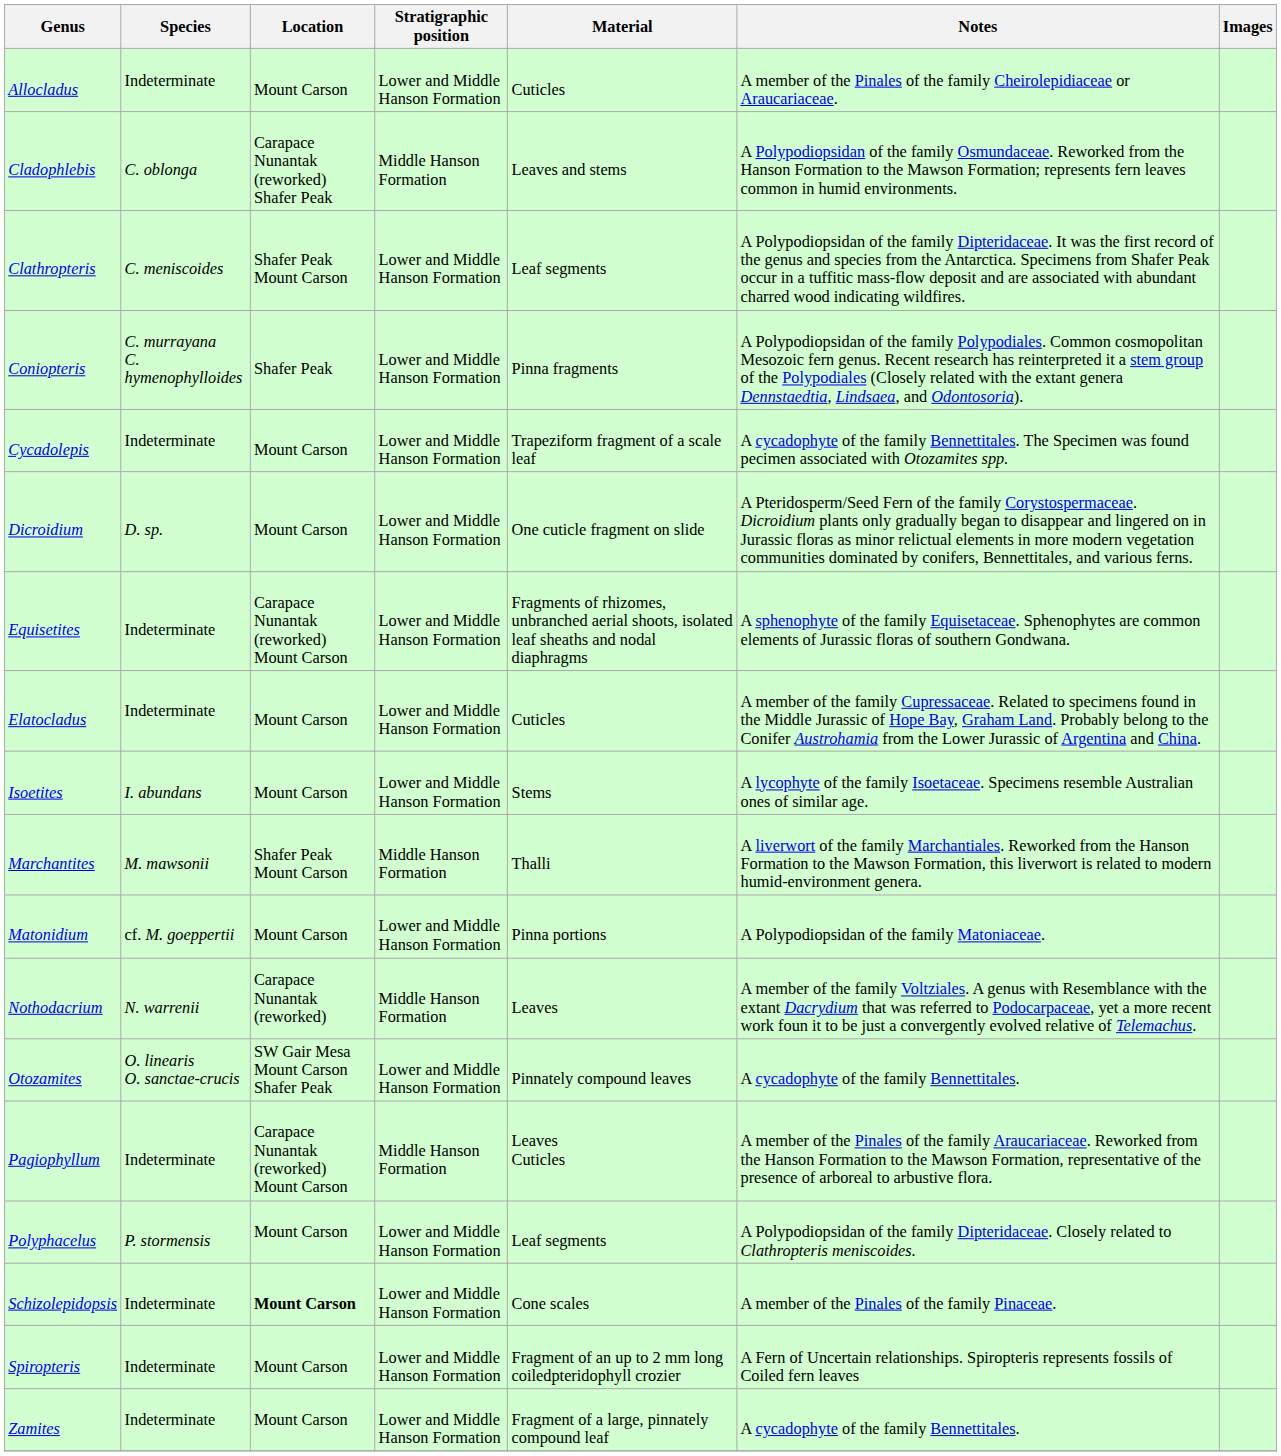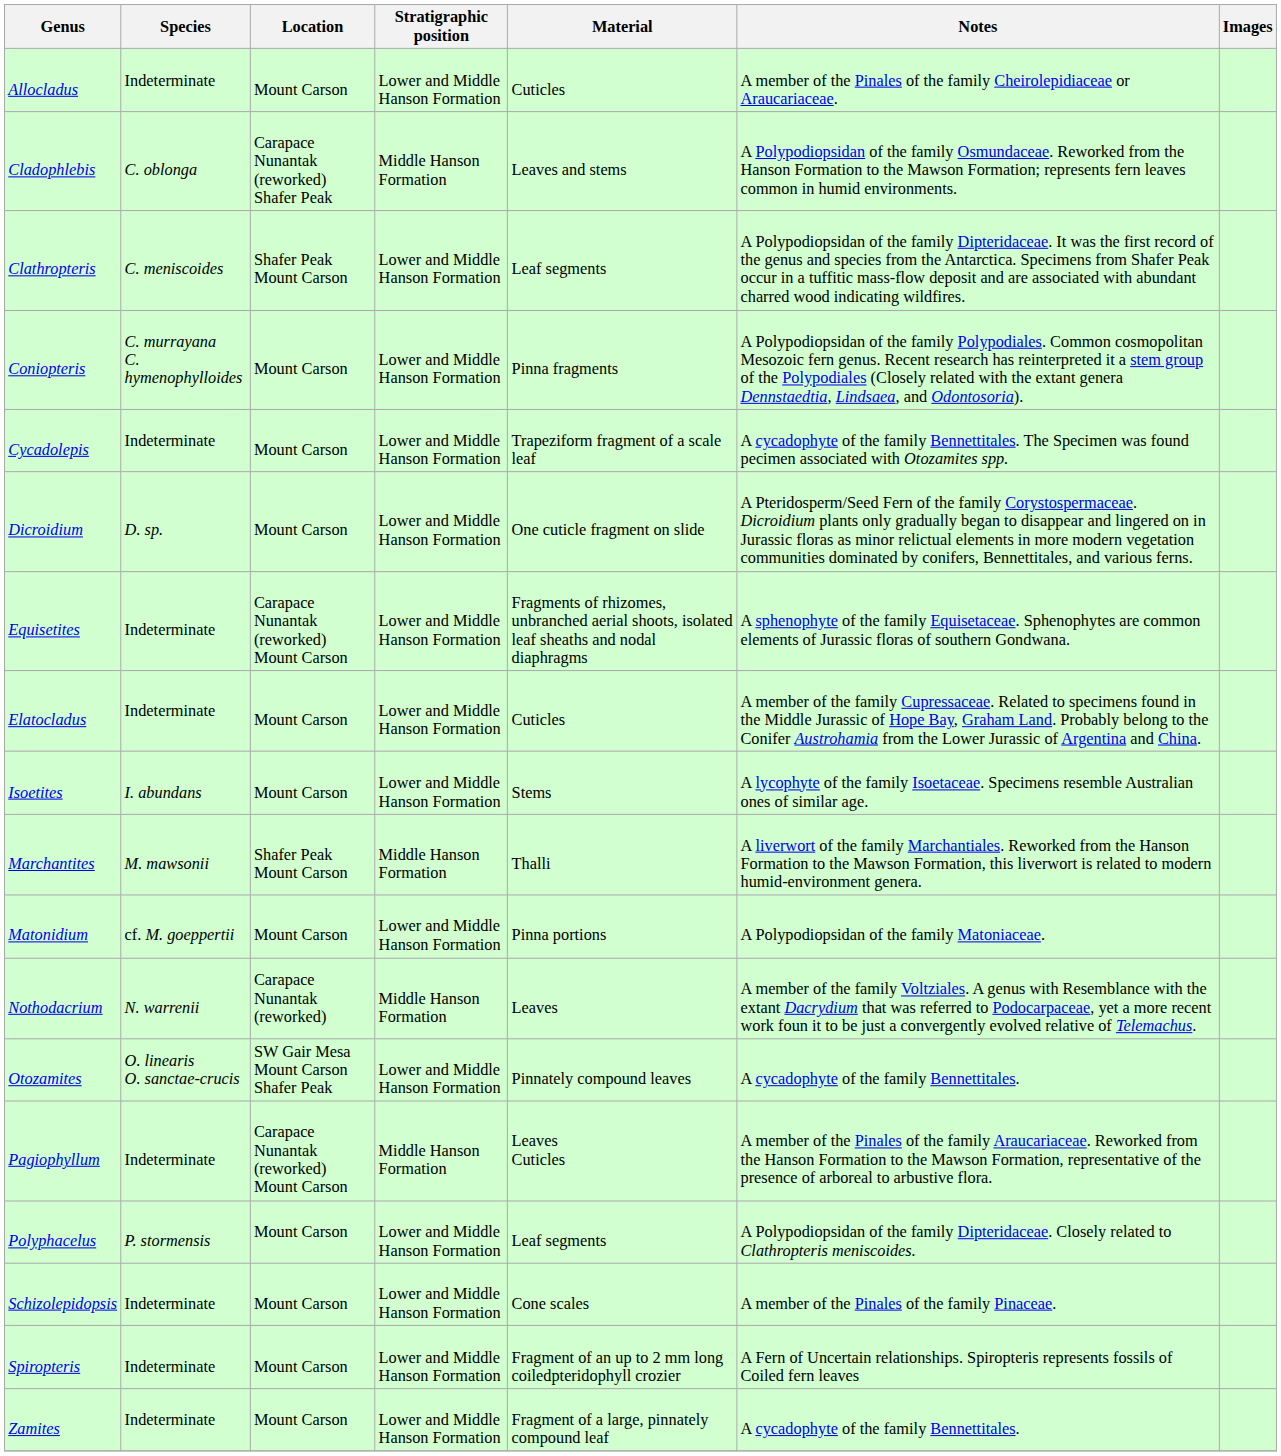 <table class="wikitable sortable">
 <tr>
 <th>Genus</th>
 <th>Species</th>
 <th>Location</th>
 <th>Stratigraphic position</th>
 <th>Material</th>
 <th>Notes</th>
 <th>Images</th>
 </tr>
 <tr>
 <td style="background:#D1FFCF;"><br><em><a href='#'>Allocladus</a></em></td>
 <td style="background:#D1FFCF;">Indeterminate</td>
 <td style="background:#D1FFCF;"><br>Mount Carson</td>
 <td style="background:#D1FFCF;"><br>Lower and Middle Hanson Formation</td>
 <td style="background:#D1FFCF;"><br>Cuticles</td>
 <td style="background:#D1FFCF;"><br>A member of the <a href='#'>Pinales</a> of the family <a href='#'>Cheirolepidiaceae</a> or <a href='#'>Araucariaceae</a>.</td>
 <td style="background:#D1FFCF;"></td>
 </tr>
 <tr>
 <td style="background:#D1FFCF;"><br><em><a href='#'>Cladophlebis</a></em></td>
 <td style="background:#D1FFCF;"><br><em>C. oblonga</em></td>
 <td style="background:#D1FFCF;"><br>Carapace Nunantak (reworked) Shafer Peak</td>
 <td style="background:#D1FFCF;"><br>Middle Hanson Formation</td>
 <td style="background:#D1FFCF;"><br>Leaves and stems</td>
 <td style="background:#D1FFCF;"><br>A <a href='#'>Polypodiopsidan</a> of the family <a href='#'>Osmundaceae</a>. Reworked from the Hanson Formation to the Mawson Formation; represents fern leaves common in humid environments.</td>
 <td style="background:#D1FFCF;"><br></td>
 </tr>
 <tr>
 <td style="background:#D1FFCF;"><br><em><a href='#'>Clathropteris</a></em></td>
 <td style="background:#D1FFCF;"><br><em>C. meniscoides</em></td>
 <td style="background:#D1FFCF;"><br>Shafer Peak Mount Carson</td>
 <td style="background:#D1FFCF;"><br>Lower and Middle Hanson Formation</td>
 <td style="background:#D1FFCF;"><br>Leaf segments</td>
 <td style="background:#D1FFCF;"><br>A Polypodiopsidan of the family <a href='#'>Dipteridaceae</a>. It was the first record of the genus and species from the Antarctica. Specimens from Shafer Peak occur in a tuffitic mass-flow deposit and are associated with abundant charred wood indicating wildfires.</td>
 <td style="background:#D1FFCF;"><br></td>
 </tr>
 <tr>
 <td style="background:#D1FFCF;"><br><em><a href='#'>Coniopteris</a></em></td>
 <td style="background:#D1FFCF;"><em>C. murrayana</em><br><em>C. hymenophylloides</em></td>
-<td style="background:#D1FFCF;"><br>Shafer Peak</td>
+<td style="background:#D1FFCF;"><br>Mount Carson</td>
 <td style="background:#D1FFCF;"><br>Lower and Middle Hanson Formation</td>
 <td style="background:#D1FFCF;"><br>Pinna fragments</td>
 <td style="background:#D1FFCF;"><br>A Polypodiopsidan of the family <a href='#'>Polypodiales</a>. Common cosmopolitan Mesozoic fern genus. Recent research has reinterpreted it a <a href='#'>stem group</a> of the <a href='#'>Polypodiales</a> (Closely related with the extant genera <em><a href='#'>Dennstaedtia</a></em>, <em><a href='#'>Lindsaea</a></em>, and <em><a href='#'>Odontosoria</a></em>).</td>
 <td style="background:#D1FFCF;"></td>
 </tr>
 <tr>
 <td style="background:#D1FFCF;"><br><em><a href='#'>Cycadolepis</a></em></td>
 <td style="background:#D1FFCF;">Indeterminate</td>
 <td style="background:#D1FFCF;"><br>Mount Carson</td>
 <td style="background:#D1FFCF;"><br>Lower and Middle Hanson Formation</td>
 <td style="background:#D1FFCF;"><br>Trapeziform fragment of a scale leaf</td>
 <td style="background:#D1FFCF;"><br>A <a href='#'>cycadophyte</a> of the family <a href='#'>Bennettitales</a>. The Specimen was found pecimen associated with <em>Otozamites spp.</em></td>
 <td style="background:#D1FFCF;"></td>
 </tr>
 <tr>
 <td style="background:#D1FFCF;"><br><em><a href='#'>Dicroidium</a></em></td>
 <td style="background:#D1FFCF;"><br><em>D. sp.</em></td>
 <td style="background:#D1FFCF;"><br>Mount Carson</td>
 <td style="background:#D1FFCF;"><br>Lower and Middle Hanson Formation</td>
 <td style="background:#D1FFCF;"><br>One cuticle fragment on slide</td>
 <td style="background:#D1FFCF;"><br>A Pteridosperm/Seed Fern of the family <a href='#'>Corystospermaceae</a>. <em>Dicroidium</em> plants only gradually began to disappear and lingered on in Jurassic floras as minor relictual elements in more modern vegetation communities dominated by conifers, Bennettitales, and various ferns.</td>
 <td style="background:#D1FFCF;"><br></td>
 </tr>
 <tr>
 <td style="background:#D1FFCF;"><br><em><a href='#'>Equisetites</a></em></td>
 <td style="background:#D1FFCF;"><br>Indeterminate</td>
 <td style="background:#D1FFCF;"><br>Carapace Nunantak (reworked)<br>Mount Carson</td>
 <td style="background:#D1FFCF;"><br>Lower and Middle Hanson Formation</td>
 <td style="background:#D1FFCF;"><br>Fragments of rhizomes, unbranched aerial shoots, isolated  leaf  sheaths  and  nodal  diaphragms</td>
 <td style="background:#D1FFCF;"><br>A <a href='#'>sphenophyte</a> of the family <a href='#'>Equisetaceae</a>. Sphenophytes are common elements of Jurassic floras of southern Gondwana.</td>
 <td style="background:#D1FFCF;"><br></td>
 </tr>
 <tr>
 <td style="background:#D1FFCF;"><br><em><a href='#'>Elatocladus</a></em></td>
 <td style="background:#D1FFCF;">Indeterminate</td>
 <td style="background:#D1FFCF;"><br>Mount Carson</td>
 <td style="background:#D1FFCF;"><br>Lower and Middle Hanson Formation</td>
 <td style="background:#D1FFCF;"><br>Cuticles</td>
 <td style="background:#D1FFCF;"><br>A member of the family <a href='#'>Cupressaceae</a>. Related to specimens found in the Middle Jurassic of <a href='#'>Hope Bay</a>, <a href='#'>Graham Land</a>. Probably belong to the Conifer <em><a href='#'>Austrohamia</a></em> from the Lower Jurassic of <a href='#'>Argentina</a> and <a href='#'>China</a>.</td>
 <td style="background:#D1FFCF;"></td>
 </tr>
 <tr>
 <td style="background:#D1FFCF;"><br><em><a href='#'>Isoetites</a></em></td>
 <td style="background:#D1FFCF;"><br><em>I. abundans</em></td>
 <td style="background:#D1FFCF;"><br>Mount Carson</td>
 <td style="background:#D1FFCF;"><br>Lower and Middle Hanson Formation</td>
 <td style="background:#D1FFCF;"><br>Stems</td>
 <td style="background:#D1FFCF;"><br>A <a href='#'>lycophyte</a> of the family <a href='#'>Isoetaceae</a>. Specimens resemble Australian ones of similar age.</td>
 <td style="background:#D1FFCF;"></td>
 </tr>
 <tr>
 <td style="background:#D1FFCF;"><br><em><a href='#'>Marchantites</a></em></td>
 <td style="background:#D1FFCF;"><br><em>M. mawsonii</em></td>
 <td style="background:#D1FFCF;"><br>Shafer Peak Mount Carson</td>
 <td style="background:#D1FFCF;"><br>Middle Hanson Formation</td>
 <td style="background:#D1FFCF;"><br>Thalli</td>
 <td style="background:#D1FFCF;"><br>A <a href='#'>liverwort</a> of the family <a href='#'>Marchantiales</a>. Reworked from the Hanson Formation to the Mawson Formation, this liverwort is related to modern humid-environment genera.</td>
 <td style="background:#D1FFCF;"><br></td>
 </tr>
 <tr>
 <td style="background:#D1FFCF;"><br><em><a href='#'>Matonidium</a></em></td>
 <td style="background:#D1FFCF;"><br>cf. <em>M. goeppertii</em></td>
 <td style="background:#D1FFCF;"><br>Mount Carson</td>
 <td style="background:#D1FFCF;"><br>Lower and Middle Hanson Formation</td>
 <td style="background:#D1FFCF;"><br>Pinna  portions</td>
 <td style="background:#D1FFCF;"><br>A Polypodiopsidan of the family <a href='#'>Matoniaceae</a>.</td>
 <td style="background:#D1FFCF;"><br></td>
 </tr>
 <tr>
 <td style="background:#D1FFCF;"><br><em><a href='#'>Nothodacrium</a></em></td>
 <td style="background:#D1FFCF;"><br><em>N. warrenii</em></td>
 <td style="background:#D1FFCF;">Carapace Nunantak (reworked)</td>
 <td style="background:#D1FFCF;"><br>Middle Hanson Formation</td>
 <td style="background:#D1FFCF;"><br>Leaves</td>
 <td style="background:#D1FFCF;"><br>A member of the family <a href='#'>Voltziales</a>. A genus with Resemblance with the extant <em><a href='#'>Dacrydium</a></em> that was referred to <a href='#'>Podocarpaceae</a>, yet a more recent work foun it to be just a convergently evolved relative of <em><a href='#'>Telemachus</a></em>.</td>
 <td style="background:#D1FFCF;"></td>
 </tr>
 <tr>
 <td style="background:#D1FFCF;"><br><em><a href='#'>Otozamites</a></em></td>
 <td style="background:#D1FFCF;"><em>O. linearis</em><br><em>O. sanctae-crucis</em></td>
 <td style="background:#D1FFCF;">SW Gair Mesa<br>Mount Carson Shafer Peak</td>
 <td style="background:#D1FFCF;"><br>Lower and Middle Hanson Formation</td>
 <td style="background:#D1FFCF;"><br>Pinnately compound leaves</td>
 <td style="background:#D1FFCF;"><br>A <a href='#'>cycadophyte</a> of the family <a href='#'>Bennettitales</a>.</td>
 <td style="background:#D1FFCF;"><br></td>
 </tr>
 <tr>
 <td style="background:#D1FFCF;"><br><em><a href='#'>Pagiophyllum</a></em></td>
 <td style="background:#D1FFCF;"><br>Indeterminate</td>
 <td style="background:#D1FFCF;"><br>Carapace Nunantak (reworked)<br>Mount Carson</td>
 <td style="background:#D1FFCF;"><br>Middle Hanson Formation</td>
 <td style="background:#D1FFCF;">Leaves<br>Cuticles</td>
 <td style="background:#D1FFCF;"><br>A member of the <a href='#'>Pinales</a> of the family <a href='#'>Araucariaceae</a>. Reworked from the Hanson Formation to the Mawson Formation, representative of the presence of arboreal to arbustive flora.</td>
 <td style="background:#D1FFCF;"><br></td>
 </tr>
 <tr>
 <td style="background:#D1FFCF;"><br><em><a href='#'>Polyphacelus</a></em></td>
 <td style="background:#D1FFCF;"><br><em>P. stormensis</em></td>
 <td style="background:#D1FFCF;">Mount Carson</td>
 <td style="background:#D1FFCF;"><br>Lower and Middle Hanson Formation</td>
 <td style="background:#D1FFCF;"><br>Leaf segments</td>
 <td style="background:#D1FFCF;"><br>A Polypodiopsidan of the family <a href='#'>Dipteridaceae</a>. Closely related to <em>Clathropteris meniscoides.</em></td>
 <td style="background:#D1FFCF;"></td>
 </tr>
 <tr>
 <td style="background:#D1FFCF;"><br><em><a href='#'>Schizolepidopsis</a></em></td>
 <td style="background:#D1FFCF;"><br>Indeterminate</td>
-<td style="background:#D1FFCF;"><strong><br>Mount Carson</strong></td>
+<td style="background:#D1FFCF;"><br>Mount Carson</td>
 <td style="background:#D1FFCF;"><br>Lower and Middle Hanson Formation</td>
 <td style="background:#D1FFCF;"><br>Cone scales</td>
 <td style="background:#D1FFCF;"><br>A member of the <a href='#'>Pinales</a> of the family <a href='#'>Pinaceae</a>.</td>
 <td style="background:#D1FFCF;"></td>
 </tr>
 <tr>
 <td style="background:#D1FFCF;"><br><em><a href='#'>Spiropteris</a></em></td>
 <td style="background:#D1FFCF;"><br>Indeterminate</td>
 <td style="background:#D1FFCF;"><br>Mount Carson</td>
 <td style="background:#D1FFCF;"><br>Lower and Middle Hanson Formation</td>
 <td style="background:#D1FFCF;"><br>Fragment of an up to 2 mm long coiledpteridophyll crozier</td>
 <td style="background:#D1FFCF;"><br>A Fern of Uncertain relationships. Spiropteris represents fossils of Coiled fern leaves</td>
 <td style="background:#D1FFCF;"></td>
 </tr>
 <tr>
 <td style="background:#D1FFCF;"><br><em><a href='#'>Zamites</a></em></td>
 <td style="background:#D1FFCF;">Indeterminate</td>
 <td style="background:#D1FFCF;">Mount Carson</td>
 <td style="background:#D1FFCF;"><br>Lower and Middle Hanson Formation</td>
 <td style="background:#D1FFCF;"><br>Fragment of a large, pinnately compound leaf</td>
 <td style="background:#D1FFCF;"><br>A <a href='#'>cycadophyte</a> of the family <a href='#'>Bennettitales</a>.</td>
 <td style="background:#D1FFCF;"><br></td>
 </tr>
 <tr>
 </tr>
 </table>
